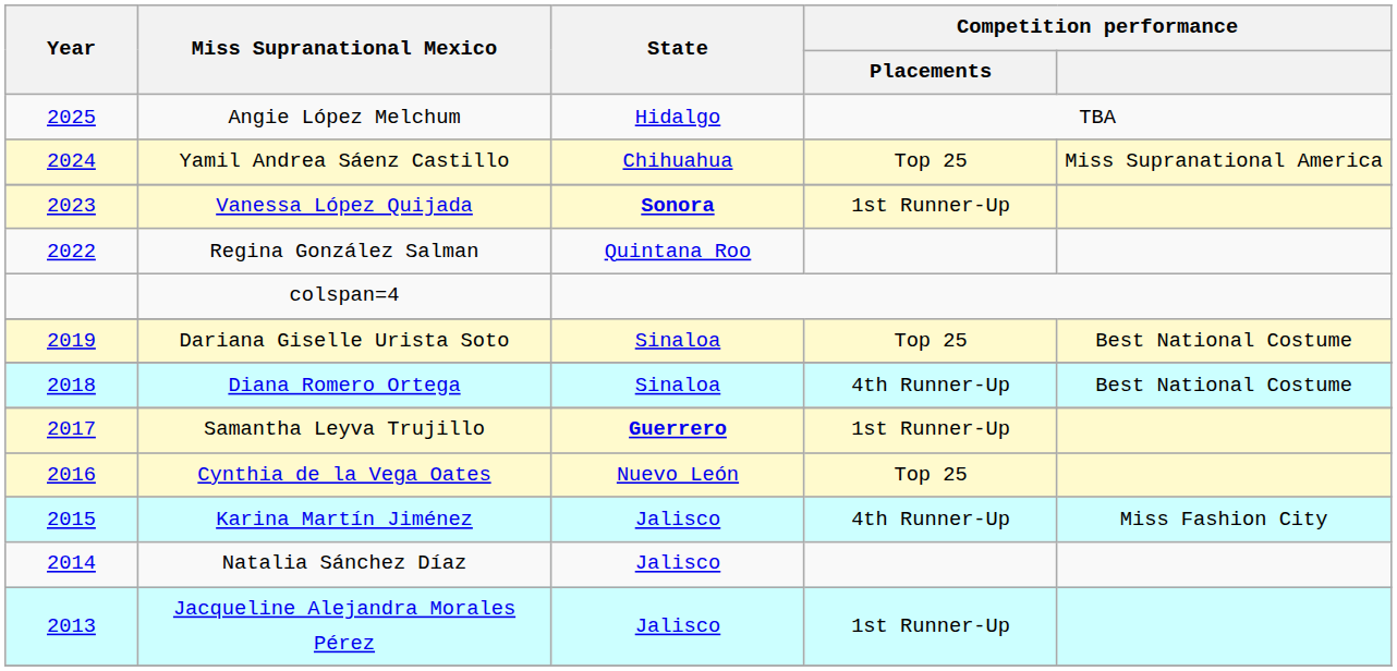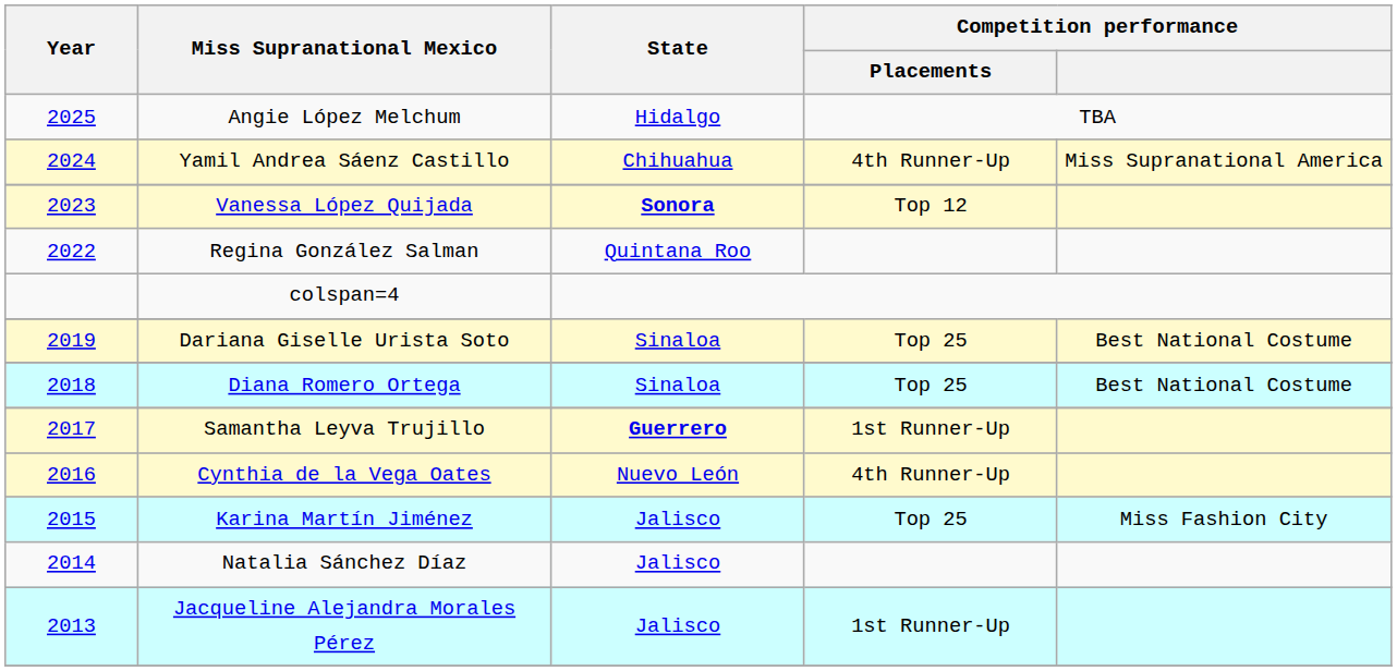 <table class="wikitable" style="text-align:center; line-height:20px; font-size:90%; width:90%;">
 <tr>
 <th rowspan="2"  width=60px>Year</th>
 <th rowspan="2"  width=200px>Miss Supranational Mexico</th>
 <th rowspan="2"  width=120px>State</th>
 <th colspan="2"  width=200px>Competition performance</th>
 </tr>
 <tr>
 <th width=120px>Placements</th>
 <th width=160px></th>
 </tr>
 <tr>
 <td><a href='#'>2025</a></td>
 <td>Angie López Melchum</td>
 <td><a href='#'>Hidalgo</a></td>
 <td colspan=2>TBA</td>
 </tr>
 <tr style="background-color:#FFFACD">
 <td><a href='#'>2024</a></td>
 <td>Yamil Andrea Sáenz Castillo</td>
 <td><a href='#'>Chihuahua</a></td>
-<td>Top 25</td>
+<td>4th Runner-Up</td>
 <td>Miss Supranational America</td>
 </tr>
 <tr>
 </tr>
 <tr style="background-color:#FFFACD">
 <td><a href='#'>2023</a></td>
 <td><a href='#'>Vanessa López Quijada</a></td>
 <td><strong><a href='#'>Sonora</a></strong></td>
-<td>1st Runner-Up</td>
+<td>Top 12</td>
 <td></td>
 </tr>
 <tr>
 <td><a href='#'>2022</a></td>
 <td>Regina González Salman</td>
 <td><a href='#'>Quintana Roo</a></td>
 <td></td>
 <td></td>
 </tr>
 <tr>
 <td></td>
 <td>colspan=4 </td>
 </tr>
 <tr>
 </tr>
 <tr style="background-color:#FFFACD">
 <td><a href='#'>2019</a></td>
 <td>Dariana Giselle Urista Soto</td>
 <td><a href='#'>Sinaloa</a></td>
 <td>Top 25</td>
 <td>Best National Costume</td>
 </tr>
 <tr>
 </tr>
 <tr style="background-color:#ccffff">
 <td><a href='#'>2018</a></td>
 <td><a href='#'>Diana Romero Ortega</a></td>
 <td><a href='#'>Sinaloa</a></td>
-<td>4th Runner-Up</td>
+<td>Top 25</td>
 <td>Best National Costume</td>
 </tr>
 <tr>
 </tr>
 <tr style="background-color:#FFFACD">
 <td><a href='#'>2017</a></td>
 <td>Samantha Leyva Trujillo</td>
 <td><strong><a href='#'>Guerrero</a></strong></td>
 <td>1st Runner-Up</td>
 <td></td>
 </tr>
 <tr style="background-color:#FFFACD">
 <td><a href='#'>2016</a></td>
 <td><a href='#'>Cynthia de la Vega Oates</a></td>
 <td><a href='#'>Nuevo León</a></td>
-<td>Top 25</td>
+<td>4th Runner-Up</td>
 <td></td>
 </tr>
 <tr style="background-color:#ccffff">
 <td><a href='#'>2015</a></td>
 <td><a href='#'>Karina Martín Jiménez</a></td>
 <td><a href='#'>Jalisco</a></td>
-<td>4th Runner-Up</td>
+<td>Top 25</td>
 <td>Miss Fashion City</td>
 </tr>
 <tr>
 <td><a href='#'>2014</a></td>
 <td>Natalia Sánchez Díaz</td>
 <td><a href='#'>Jalisco</a></td>
 <td></td>
 <td></td>
 </tr>
 <tr style="background-color:#ccffff">
 <td><a href='#'>2013</a></td>
 <td><a href='#'>Jacqueline Alejandra Morales Pérez</a></td>
 <td><a href='#'>Jalisco</a></td>
 <td>1st Runner-Up</td>
 <td></td>
 </tr>
 <tr>
 </tr>
 </table>
